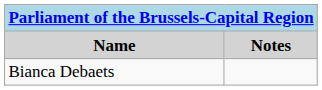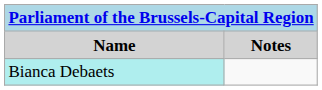 <table class="wikitable">
 <tr>
 <th style="background:LightBlue;" colspan="4"><a href='#'>Parliament of the Brussels-Capital Region</a></th>
 </tr>
 <tr>
 <th style="background:LightGrey;">Name</th>
 <th style="background:LightGrey;">Notes</th>
 </tr>
 <tr>
-<td>Bianca Debaets</td>
+<td style="background: paleturquoise;">Bianca Debaets</td>
 <td></td>
 </tr>
 </table>
